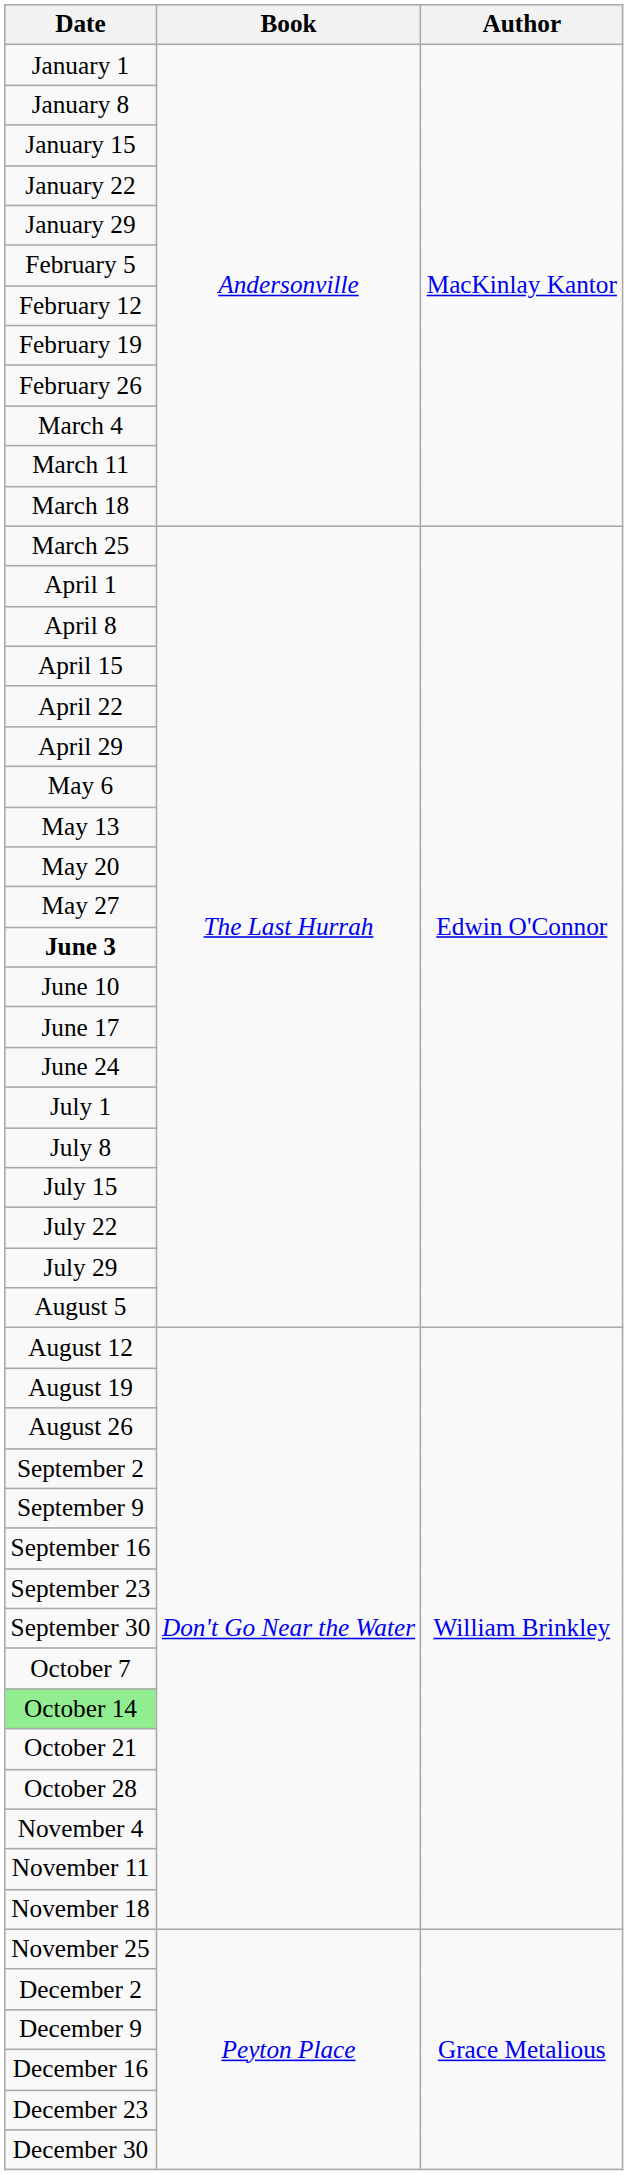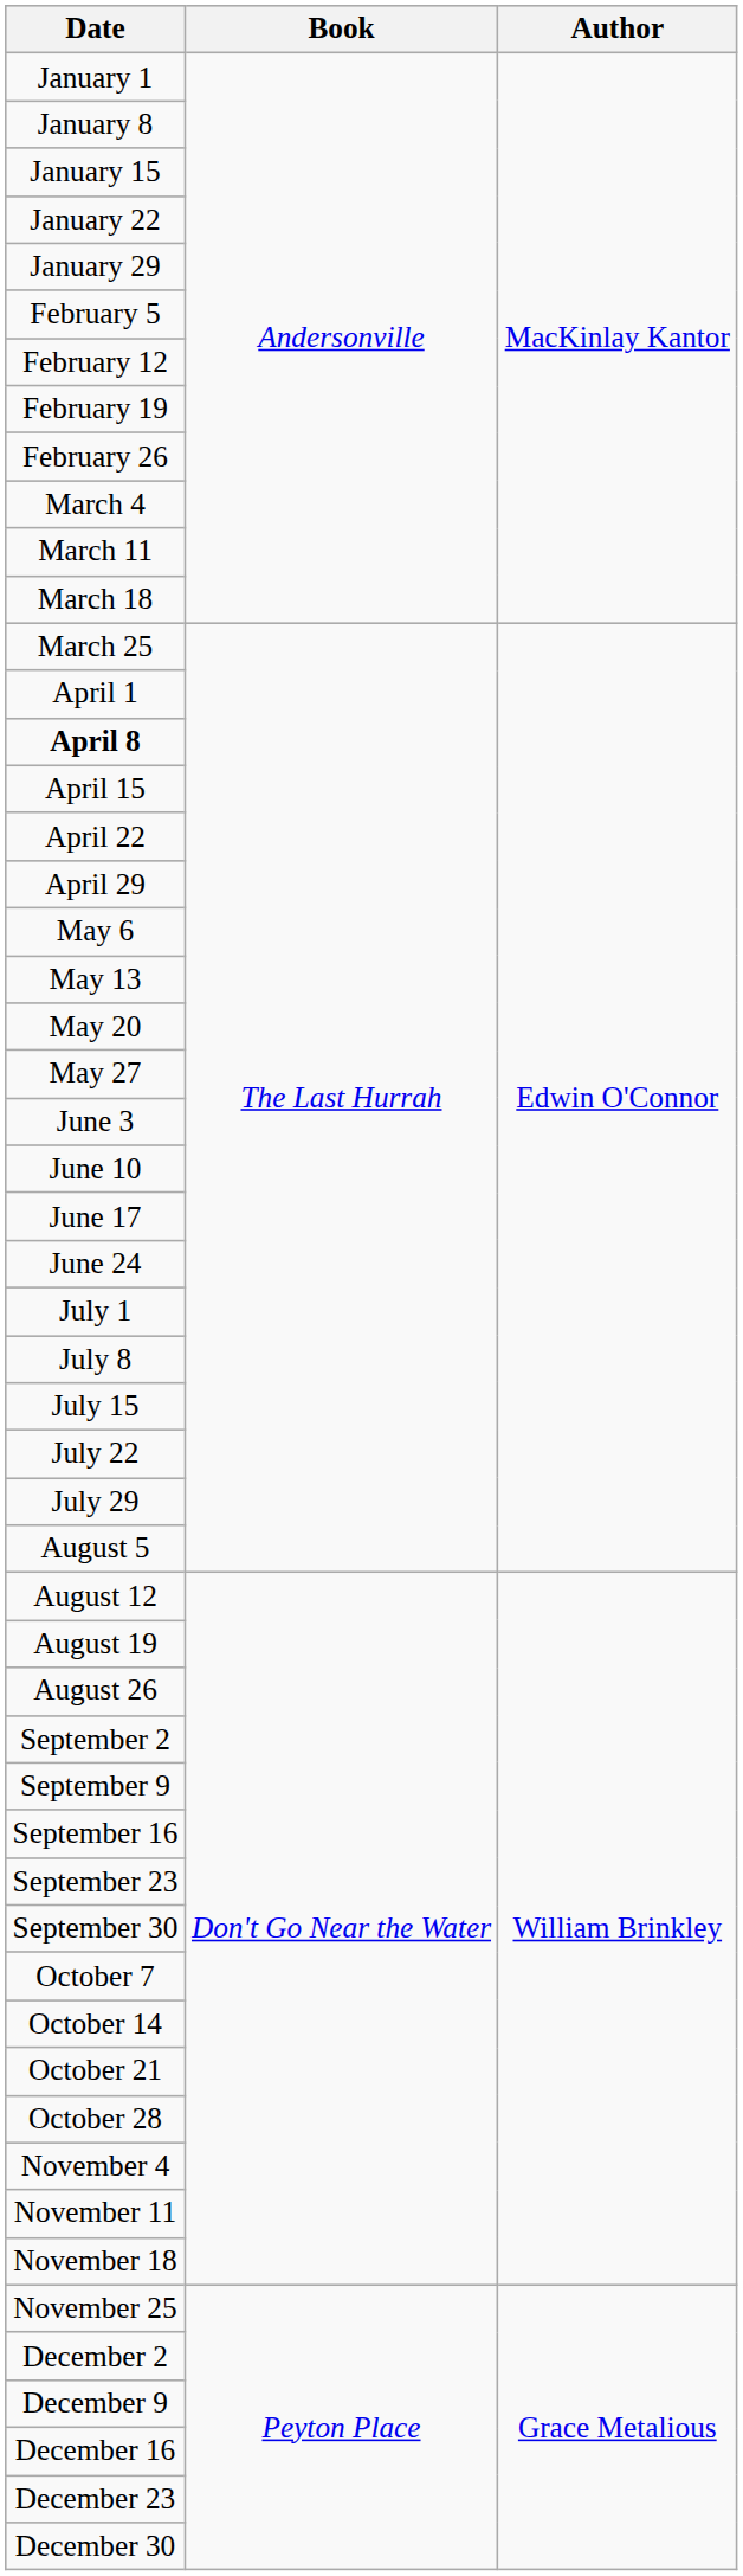 <table class="wikitable sortable" style="text-align: center">
 <tr>
 <th>Date</th>
 <th>Book</th>
 <th>Author</th>
 </tr>
 <tr>
 <td>January 1</td>
 <td rowspan=12><em><a href='#'>Andersonville</a></em></td>
 <td rowspan=12><a href='#'>MacKinlay Kantor</a></td>
 </tr>
 <tr>
 <td>January 8</td>
 </tr>
 <tr>
 <td>January 15</td>
 </tr>
 <tr>
 <td>January 22</td>
 </tr>
 <tr>
 <td>January 29</td>
 </tr>
 <tr>
 <td>February 5</td>
 </tr>
 <tr>
 <td>February 12</td>
 </tr>
 <tr>
 <td>February 19</td>
 </tr>
 <tr>
 <td>February 26</td>
 </tr>
 <tr>
 <td>March 4</td>
 </tr>
 <tr>
 <td>March 11</td>
 </tr>
 <tr>
 <td>March 18</td>
 </tr>
 <tr>
 <td>March 25</td>
 <td rowspan=20><em><a href='#'>The Last Hurrah</a></em></td>
 <td rowspan=20><a href='#'>Edwin O'Connor</a></td>
 </tr>
 <tr>
 <td>April 1</td>
 </tr>
 <tr>
-<td>April 8</td>
+<td><strong>April 8</strong></td>
 </tr>
 <tr>
 <td>April 15</td>
 </tr>
 <tr>
 <td>April 22</td>
 </tr>
 <tr>
 <td>April 29</td>
 </tr>
 <tr>
 <td>May 6</td>
 </tr>
 <tr>
 <td>May 13</td>
 </tr>
 <tr>
 <td>May 20</td>
 </tr>
 <tr>
 <td>May 27</td>
 </tr>
 <tr>
-<td><strong>June 3</strong></td>
+<td>June 3</td>
 </tr>
 <tr>
 <td>June 10</td>
 </tr>
 <tr>
 <td>June 17</td>
 </tr>
 <tr>
 <td>June 24</td>
 </tr>
 <tr>
 <td>July 1</td>
 </tr>
 <tr>
 <td>July 8</td>
 </tr>
 <tr>
 <td>July 15</td>
 </tr>
 <tr>
 <td>July 22</td>
 </tr>
 <tr>
 <td>July 29</td>
 </tr>
 <tr>
 <td>August 5</td>
 </tr>
 <tr>
 <td>August 12</td>
 <td rowspan=15><em><a href='#'>Don't Go Near the Water</a></em></td>
 <td rowspan=15><a href='#'>William Brinkley</a></td>
 </tr>
 <tr>
 <td>August 19</td>
 </tr>
 <tr>
 <td>August 26</td>
 </tr>
 <tr>
 <td>September 2</td>
 </tr>
 <tr>
 <td>September 9</td>
 </tr>
 <tr>
 <td>September 16</td>
 </tr>
 <tr>
 <td>September 23</td>
 </tr>
 <tr>
 <td>September 30</td>
 </tr>
 <tr>
 <td>October 7</td>
 </tr>
 <tr>
-<td style="background: lightgreen;">October 14</td>
+<td>October 14</td>
 </tr>
 <tr>
 <td>October 21</td>
 </tr>
 <tr>
 <td>October 28</td>
 </tr>
 <tr>
 <td>November 4</td>
 </tr>
 <tr>
 <td>November 11</td>
 </tr>
 <tr>
 <td>November 18</td>
 </tr>
 <tr>
 <td>November 25</td>
 <td rowspan=6><em><a href='#'>Peyton Place</a></em></td>
 <td rowspan=6><a href='#'>Grace Metalious</a></td>
 </tr>
 <tr>
 <td>December 2</td>
 </tr>
 <tr>
 <td>December 9</td>
 </tr>
 <tr>
 <td>December 16</td>
 </tr>
 <tr>
 <td>December 23</td>
 </tr>
 <tr>
 <td>December 30</td>
 </tr>
 </table>
